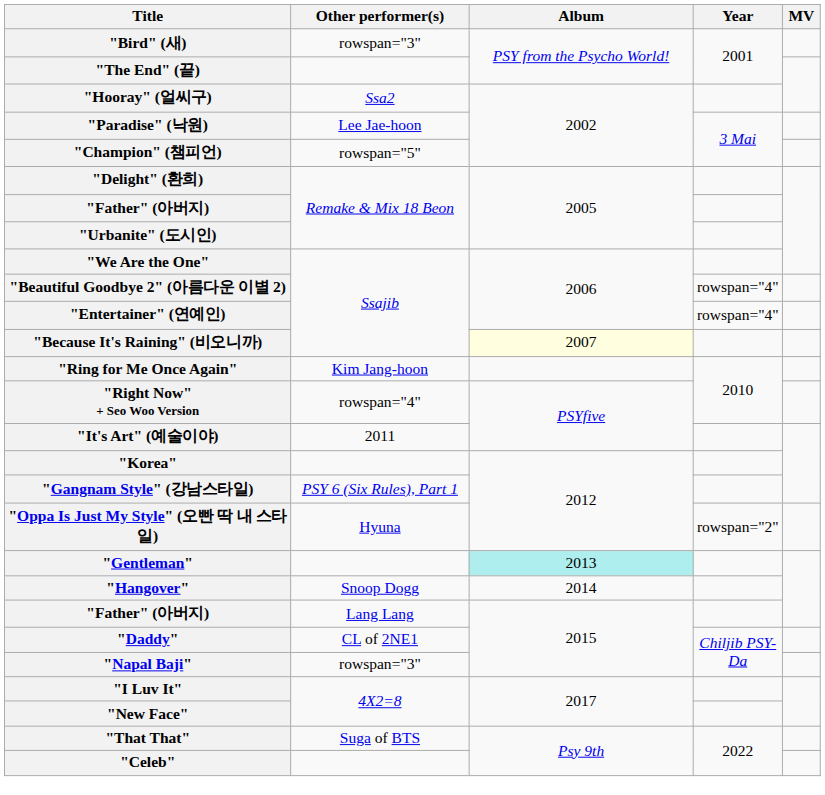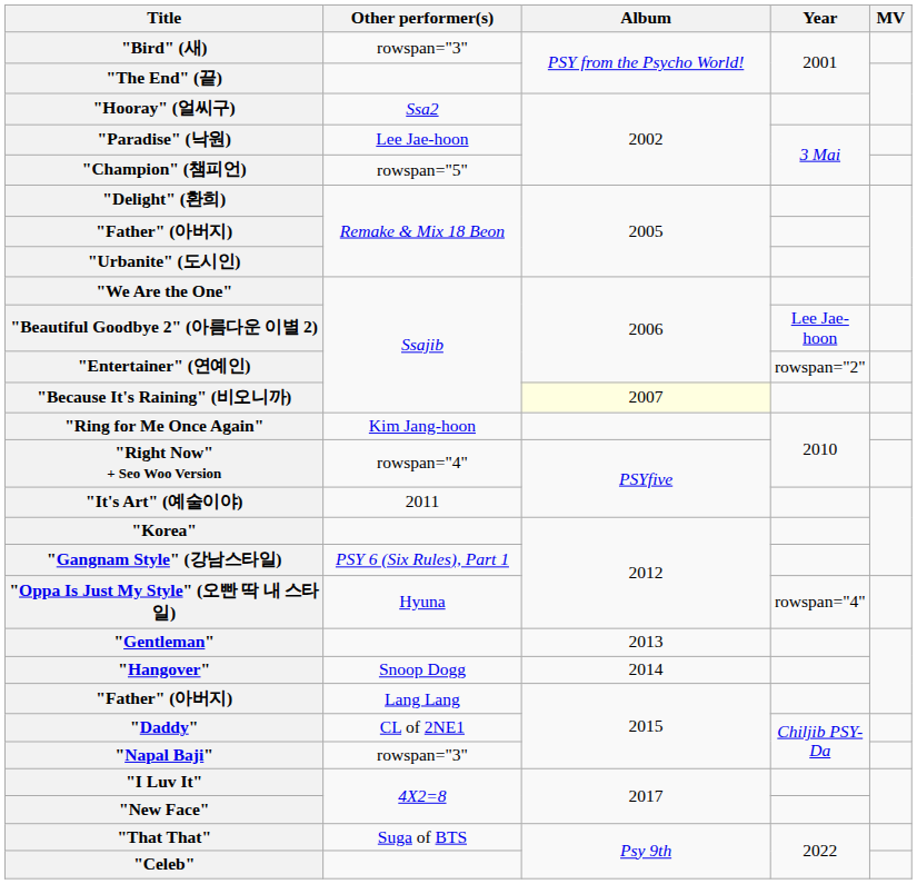 <table class="wikitable sortable plainrowheaders" style="text-align: center;">
 <tr>
 <th scope="col" style="width: 18em;">Title</th>
 <th scope="col" style="width: 11em;">Other performer(s)</th>
 <th scope="col" style="width: 14em;">Album</th>
 <th scope="col" style="width: 2em;">Year</th>
 <th scope="col" style="width: 2em;" class="unsortable">MV</th>
 </tr>
 <tr>
 <th scope="row">"Bird" (새)</th>
 <td>rowspan="3" </td>
 <td rowspan="2"><em><a href='#'>PSY from the Psycho World!</a></em></td>
 <td rowspan="2">2001</td>
 <td></td>
 </tr>
 <tr>
 <th scope="row">"The End" (끝)</th>
 <td></td>
 </tr>
 <tr>
 <th scope="row">"Hooray" (얼씨구)</th>
 <td><em><a href='#'>Ssa2</a></em></td>
 <td rowspan="3">2002</td>
 <td></td>
 </tr>
 <tr>
 <th scope="row">"Paradise" (낙원)</th>
 <td><a href='#'>Lee Jae-hoon</a></td>
 <td rowspan="2"><em><a href='#'>3 Mai</a></em></td>
 <td></td>
 </tr>
 <tr>
 <th scope="row">"Champion" (챔피언)</th>
 <td>rowspan="5" </td>
 <td></td>
 </tr>
 <tr>
 <th scope="row">"Delight" (환희)</th>
 <td rowspan="3"><em><a href='#'>Remake & Mix 18 Beon</a></em></td>
 <td rowspan="3">2005</td>
 <td></td>
 </tr>
 <tr>
 <th scope="row">"Father" (아버지)</th>
 <td></td>
 </tr>
 <tr>
 <th scope="row">"Urbanite" (도시인)</th>
 <td></td>
 </tr>
 <tr>
 <th scope="row">"We Are the One"</th>
 <td rowspan="4"><em><a href='#'>Ssajib</a></em></td>
 <td rowspan="3">2006</td>
 <td></td>
 </tr>
 <tr>
 <th scope="row">"Beautiful Goodbye 2" (아름다운 이별 2)</th>
-<td>rowspan="4" </td>
+<td><a href='#'>Lee Jae-hoon</a></td>
 <td></td>
 </tr>
 <tr>
 <th scope="row">"Entertainer" (연예인)</th>
-<td>rowspan="4" </td>
+<td>rowspan="2" </td>
 <td></td>
 </tr>
 <tr>
 <th scope="row">"Because It's Raining" (비오니까)</th>
 <td style="background: lightyellow;">2007</td>
 <td></td>
 </tr>
 <tr>
 <th scope="row">"Ring for Me Once Again"</th>
 <td><a href='#'>Kim Jang-hoon</a></td>
 <td></td>
 <td rowspan="2">2010</td>
 <td></td>
 </tr>
 <tr>
 <th scope="row">"Right Now"<br><small>+ Seo Woo Version</small></th>
 <td>rowspan="4" </td>
 <td rowspan="2"><em><a href='#'>PSYfive</a></em></td>
 <td><br></td>
 </tr>
 <tr>
 <th scope="row">"It's Art" (예술이야)</th>
 <td>2011</td>
 <td></td>
 </tr>
 <tr>
 <th scope="row">"Korea"</th>
 <td></td>
 <td rowspan="3">2012</td>
 <td></td>
 </tr>
 <tr>
 <th scope="row">"<a href='#'>Gangnam Style</a>" (강남스타일)</th>
 <td><em><a href='#'>PSY 6 (Six Rules), Part 1</a></em></td>
 <td></td>
 </tr>
 <tr>
 <th scope="row">"<a href='#'>Oppa Is Just My Style</a>" (오빤 딱 내 스타일)</th>
 <td><a href='#'>Hyuna</a></td>
-<td>rowspan="2" </td>
+<td>rowspan="4" </td>
 <td></td>
 </tr>
 <tr>
 <th scope="row">"<a href='#'>Gentleman</a>"</th>
 <td></td>
-<td style="background: paleturquoise;">2013</td>
+<td>2013</td>
 <td></td>
 </tr>
 <tr>
 <th scope="row">"<a href='#'>Hangover</a>"</th>
 <td><a href='#'>Snoop Dogg</a></td>
 <td>2014</td>
 <td></td>
 </tr>
 <tr>
 <th scope="row">"Father" (아버지)</th>
 <td><a href='#'>Lang Lang</a></td>
 <td rowspan="3">2015</td>
 <td></td>
 </tr>
 <tr>
 <th scope="row">"<a href='#'>Daddy</a>"</th>
 <td><a href='#'>CL</a> of <a href='#'>2NE1</a></td>
 <td rowspan="2"><em><a href='#'>Chiljib PSY-Da</a></em></td>
 <td></td>
 </tr>
 <tr>
 <th scope="row">"<a href='#'>Napal Baji</a>"</th>
 <td>rowspan="3" </td>
 <td></td>
 </tr>
 <tr>
 <th scope="row">"I Luv It"</th>
 <td rowspan="2"><em><a href='#'>4X2=8</a></em></td>
 <td rowspan="2">2017</td>
 <td></td>
 </tr>
 <tr>
 <th scope="row">"New Face"</th>
 <td></td>
 </tr>
 <tr>
 <th scope="row">"That That"</th>
 <td><a href='#'>Suga</a> of <a href='#'>BTS</a></td>
 <td rowspan="2"><em><a href='#'>Psy 9th</a></em></td>
 <td rowspan="2">2022</td>
 <td></td>
 </tr>
 <tr>
 <th scope="row">"Celeb"</th>
 <td></td>
 <td></td>
 </tr>
 </table>
